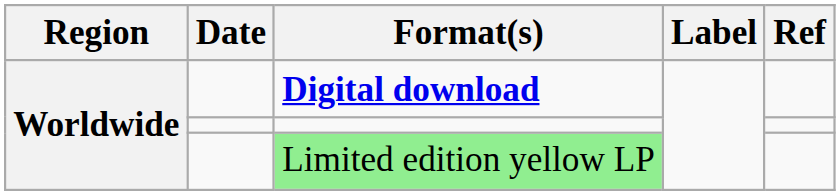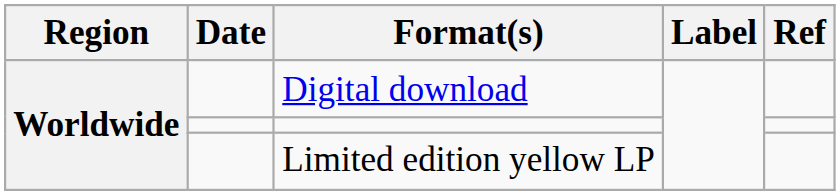 <table class="wikitable plainrowheaders">
 <tr>
 <th scope="col">Region</th>
 <th scope="col">Date</th>
 <th scope="col">Format(s)</th>
 <th scope="col">Label</th>
 <th scope="col">Ref</th>
 </tr>
 <tr>
 <th scope="row" rowspan="3">Worldwide</th>
 <td></td>
-<td><strong><a href='#'>Digital download</a></strong></td>
+<td><a href='#'>Digital download</a></td>
 <td rowspan="3"></td>
 <td></td>
 </tr>
 <tr>
 <td></td>
 <td></td>
 <td></td>
 </tr>
 <tr>
 <td></td>
-<td style="background: lightgreen;">Limited edition yellow LP</td>
+<td>Limited edition yellow LP</td>
 <td></td>
 </tr>
 </table>
